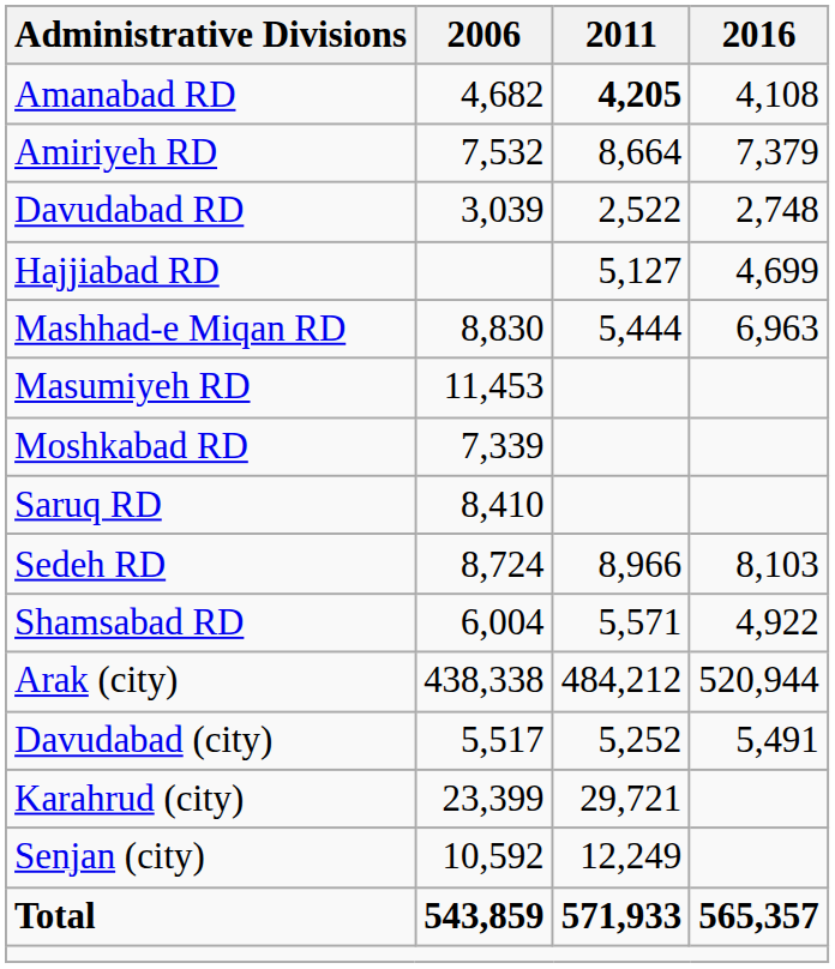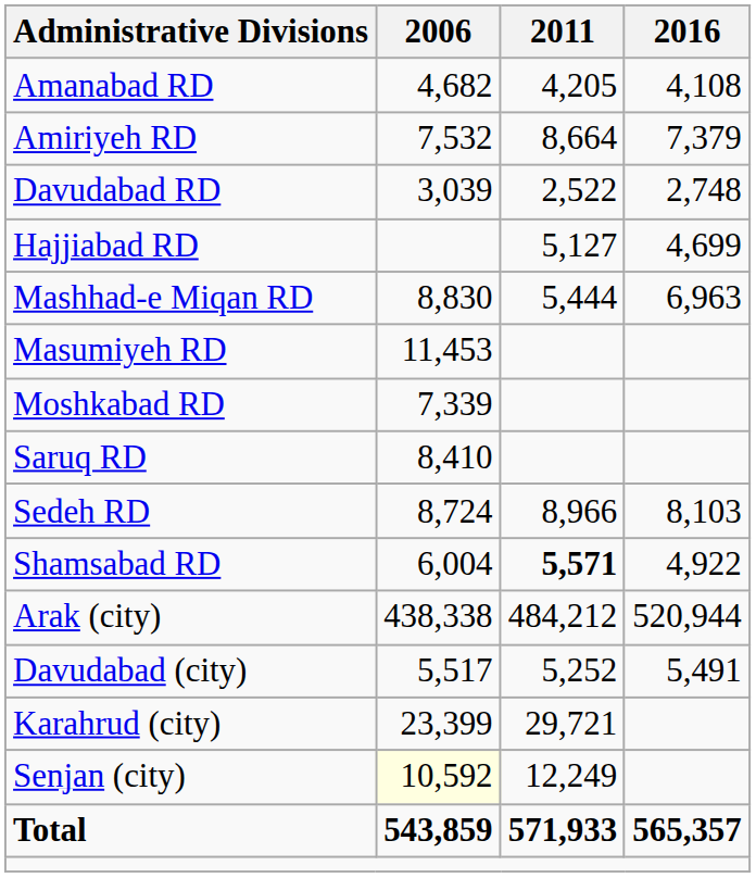 <table class="wikitable">
 <tr>
 <th>Administrative Divisions</th>
 <th>2006</th>
 <th>2011</th>
 <th>2016</th>
 </tr>
 <tr>
 <td><a href='#'>Amanabad RD</a></td>
 <td style="text-align: right;">4,682</td>
-<td style="text-align: right;"><strong>4,205</strong></td>
+<td style="text-align: right;">4,205</td>
 <td style="text-align: right;">4,108</td>
 </tr>
 <tr>
 <td><a href='#'>Amiriyeh RD</a></td>
 <td style="text-align: right;">7,532</td>
 <td style="text-align: right;">8,664</td>
 <td style="text-align: right;">7,379</td>
 </tr>
 <tr>
 <td><a href='#'>Davudabad RD</a></td>
 <td style="text-align: right;">3,039</td>
 <td style="text-align: right;">2,522</td>
 <td style="text-align: right;">2,748</td>
 </tr>
 <tr>
 <td><a href='#'>Hajjiabad RD</a></td>
 <td style="text-align: right;"></td>
 <td style="text-align: right;">5,127</td>
 <td style="text-align: right;">4,699</td>
 </tr>
 <tr>
 <td><a href='#'>Mashhad-e Miqan RD</a></td>
 <td style="text-align: right;">8,830</td>
 <td style="text-align: right;">5,444</td>
 <td style="text-align: right;">6,963</td>
 </tr>
 <tr>
 <td><a href='#'>Masumiyeh RD</a></td>
 <td style="text-align: right;">11,453</td>
 <td style="text-align: right;"></td>
 <td style="text-align: right;"></td>
 </tr>
 <tr>
 <td><a href='#'>Moshkabad RD</a></td>
 <td style="text-align: right;">7,339</td>
 <td style="text-align: right;"></td>
 <td style="text-align: right;"></td>
 </tr>
 <tr>
 <td><a href='#'>Saruq RD</a></td>
 <td style="text-align: right;">8,410</td>
 <td style="text-align: right;"></td>
 <td style="text-align: right;"></td>
 </tr>
 <tr>
 <td><a href='#'>Sedeh RD</a></td>
 <td style="text-align: right;">8,724</td>
 <td style="text-align: right;">8,966</td>
 <td style="text-align: right;">8,103</td>
 </tr>
 <tr>
 <td><a href='#'>Shamsabad RD</a></td>
 <td style="text-align: right;">6,004</td>
-<td style="text-align: right;">5,571</td>
+<td style="text-align: right;"><strong>5,571</strong></td>
 <td style="text-align: right;">4,922</td>
 </tr>
 <tr>
 <td><a href='#'>Arak</a> (city)</td>
 <td style="text-align: right;">438,338</td>
 <td style="text-align: right;">484,212</td>
 <td style="text-align: right;">520,944</td>
 </tr>
 <tr>
 <td><a href='#'>Davudabad</a> (city)</td>
 <td style="text-align: right;">5,517</td>
 <td style="text-align: right;">5,252</td>
 <td style="text-align: right;">5,491</td>
 </tr>
 <tr>
 <td><a href='#'>Karahrud</a> (city)</td>
 <td style="text-align: right;">23,399</td>
 <td style="text-align: right;">29,721</td>
 <td style="text-align: right;"></td>
 </tr>
 <tr>
 <td><a href='#'>Senjan</a> (city)</td>
-<td style="text-align: right;">10,592</td>
+<td style="background: lightyellow; text-align: right;">10,592</td>
 <td style="text-align: right;">12,249</td>
 <td style="text-align: right;"></td>
 </tr>
 <tr>
 <td><strong>Total</strong></td>
 <td style="text-align: right;"><strong>543,859</strong></td>
 <td style="text-align: right;"><strong>571,933</strong></td>
 <td style="text-align: right;"><strong>565,357</strong></td>
 </tr>
 <tr>
 <td colspan=4></td>
 </tr>
 </table>
